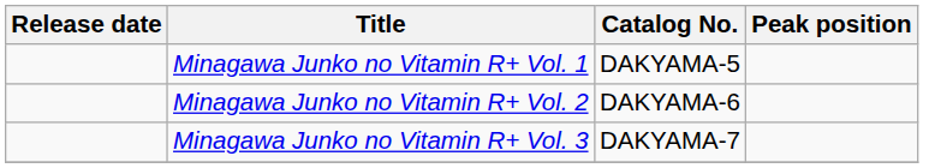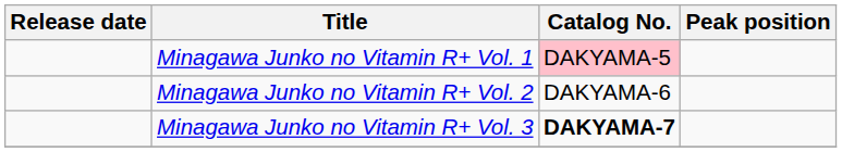 <table class="wikitable">
 <tr>
 <th>Release date</th>
 <th>Title</th>
 <th>Catalog No.</th>
 <th>Peak position</th>
 </tr>
 <tr>
 <td></td>
 <td><em><a href='#'>Minagawa Junko no Vitamin R+ Vol. 1</a></em></td>
-<td>DAKYAMA-5</td>
+<td style="background: pink;">DAKYAMA-5</td>
 <td> </td>
 </tr>
 <tr>
 <td></td>
 <td><em><a href='#'>Minagawa Junko no Vitamin R+ Vol. 2</a></em></td>
 <td>DAKYAMA-6</td>
 <td> </td>
 </tr>
 <tr>
 <td></td>
 <td><em><a href='#'>Minagawa Junko no Vitamin R+ Vol. 3</a></em></td>
-<td>DAKYAMA-7</td>
+<td><strong>DAKYAMA-7</strong></td>
 <td> </td>
 </tr>
 <tr>
 </tr>
 </table>
